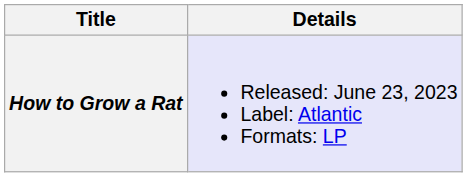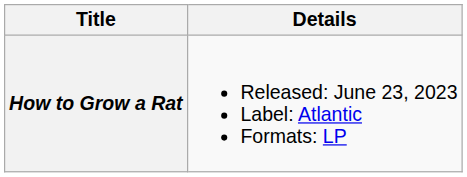 <table class="wikitable plainrowheaders">
 <tr>
 <th scope="col">Title</th>
 <th scope="col">Details</th>
 </tr>
 <tr>
 <th scope="row"><em>How to Grow a Rat</em></th>
-<td style="background: lavender;"><br><ul><li>Released: June 23, 2023</li><li>Label: <a href='#'>Atlantic</a></li><li>Formats: <a href='#'>LP</a></li></ul></td>
+<td><br><ul><li>Released: June 23, 2023</li><li>Label: <a href='#'>Atlantic</a></li><li>Formats: <a href='#'>LP</a></li></ul></td>
 </tr>
 </table>
